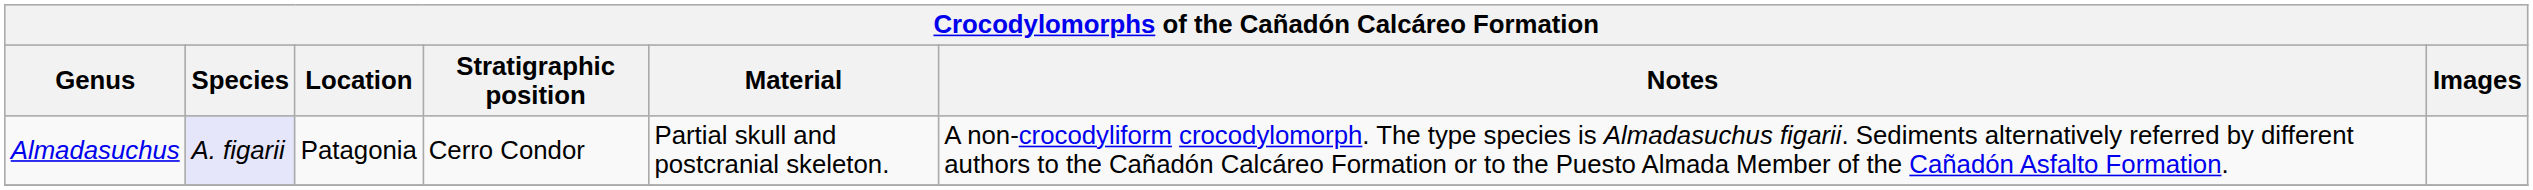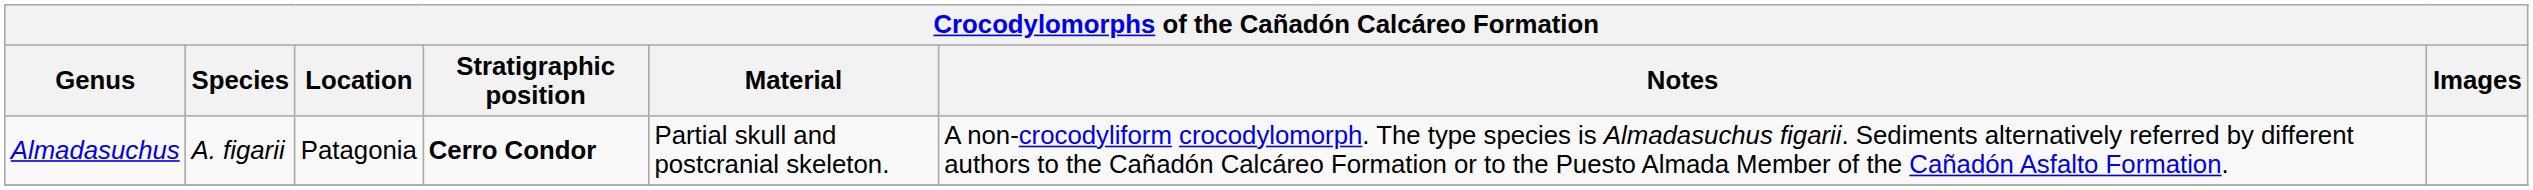 <table class="wikitable sortable">
 <tr>
 <th colspan="7" align="center"><strong><a href='#'>Crocodylomorphs</a> of the Cañadón Calcáreo Formation</strong></th>
 </tr>
 <tr>
 <th>Genus</th>
 <th>Species</th>
 <th>Location</th>
 <th>Stratigraphic position</th>
 <th>Material</th>
 <th>Notes</th>
 <th>Images</th>
 </tr>
 <tr>
 <td><em><a href='#'>Almadasuchus</a></em></td>
-<td style="background: lavender;"><em>A. figarii</em></td>
+<td><em>A. figarii</em></td>
 <td>Patagonia</td>
-<td>Cerro Condor</td>
+<td><strong>Cerro Condor</strong></td>
 <td>Partial skull and postcranial skeleton.</td>
 <td>A non-<a href='#'>crocodyliform</a> <a href='#'>crocodylomorph</a>. The type species is <em>Almadasuchus figarii</em>. Sediments alternatively referred by different authors to the Cañadón Calcáreo Formation or to the Puesto Almada Member of the <a href='#'>Cañadón Asfalto Formation</a>.</td>
 <td></td>
 </tr>
 <tr>
 </tr>
 </table>
